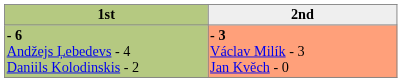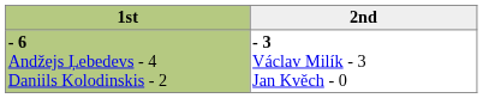 <table border="1" cellpadding="2" cellspacing="0"  style="width:50%; border-collapse:collapse;">
 <tr style="text-align:left; background:#efefef;">
 <th width=15% align=center style="background-color: #b5c981;">1st</th>
 <th width=15% align=center>2nd</th>
 </tr>
 <tr align=left>
 <td valign=top align=left style="background-color: #b5c981;"><strong> - 6</strong><br><a href='#'>Andžejs Ļebedevs</a> - 4<br><a href='#'>Daniils Kolodinskis</a> - 2</td>
-<td valign=top align=left style="background: lightsalmon;"><strong> - 3</strong><br><a href='#'>Václav Milík</a> - 3<br><a href='#'>Jan Kvěch</a> - 0</td>
+<td valign=top align=left><strong> - 3</strong><br><a href='#'>Václav Milík</a> - 3<br><a href='#'>Jan Kvěch</a> - 0</td>
 </tr>
 </table>
